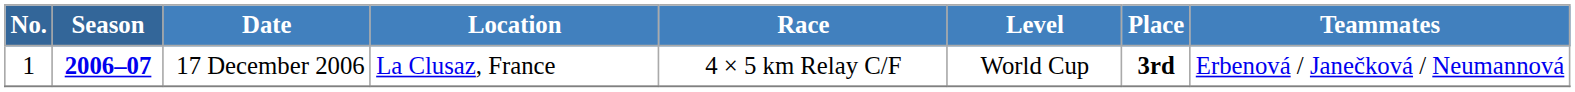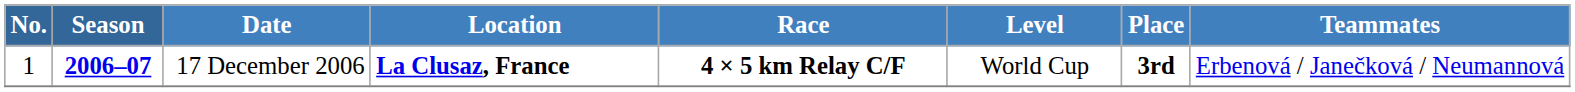 <table class="wikitable sortable" style="font-size:95%; text-align:center; border:grey solid 1px; border-collapse:collapse; background:#ffffff;">
 <tr style="background:#efefef;">
 <th style="background-color:#369; color:white;">No.</th>
 <th style="background-color:#369; color:white;">Season</th>
 <th style="background-color:#4180be; color:white; width:120px;">Date</th>
 <th style="background-color:#4180be; color:white; width:170px;">Location</th>
 <th style="background-color:#4180be; color:white; width:170px;">Race</th>
 <th style="background-color:#4180be; color:white; width:100px;">Level</th>
 <th style="background-color:#4180be; color:white;">Place</th>
 <th style="background-color:#4180be; color:white;">Teammates</th>
 </tr>
 <tr>
 <td align=center>1</td>
 <td rowspan=1 align=center><strong> <a href='#'>2006–07</a> </strong></td>
 <td align=right>17 December 2006</td>
-<td align=left> <a href='#'>La Clusaz</a>, France</td>
-<td>4 × 5 km Relay C/F</td>
+<td align=left><strong> <a href='#'>La Clusaz</a>, France</strong></td>
+<td><strong>4 × 5 km Relay C/F</strong></td>
 <td>World Cup</td>
 <td><strong>3rd</strong></td>
 <td><a href='#'>Erbenová</a> / <a href='#'>Janečková</a> / <a href='#'>Neumannová</a></td>
 </tr>
 <tr>
 </tr>
 </table>
